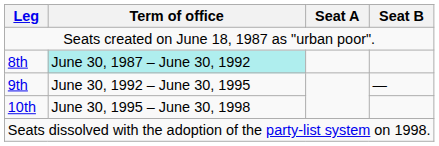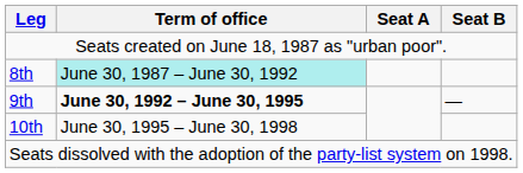 <table class="wikitable" style="font-size:95%;">
 <tr>
 <th><a href='#'>Leg</a></th>
 <th>Term of office</th>
 <th>Seat A</th>
 <th>Seat B</th>
 </tr>
 <tr>
 <td colspan="4" align="center">Seats created on June 18, 1987 as "urban poor".</td>
 </tr>
 <tr>
 <td><a href='#'>8th</a></td>
 <td style="background: paleturquoise;">June 30, 1987 – June 30, 1992</td>
 <td></td>
 <td></td>
 </tr>
 <tr>
 <td><a href='#'>9th</a></td>
-<td>June 30, 1992 – June 30, 1995</td>
+<td><strong>June 30, 1992 – June 30, 1995</strong></td>
 <td rowspan="2"></td>
 <td>—</td>
 </tr>
 <tr>
 <td><a href='#'>10th</a></td>
 <td>June 30, 1995 – June 30, 1998</td>
 <td></td>
 </tr>
 <tr>
 <td colspan="4" align="center">Seats dissolved with the adoption of the <a href='#'>party-list system</a> on 1998.</td>
 </tr>
 </table>
